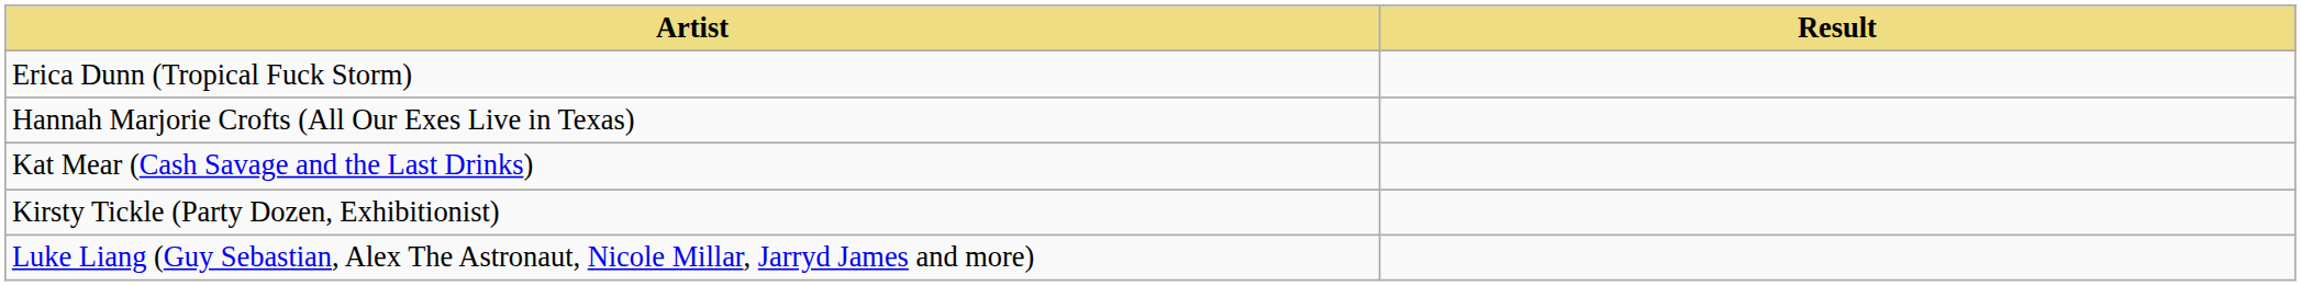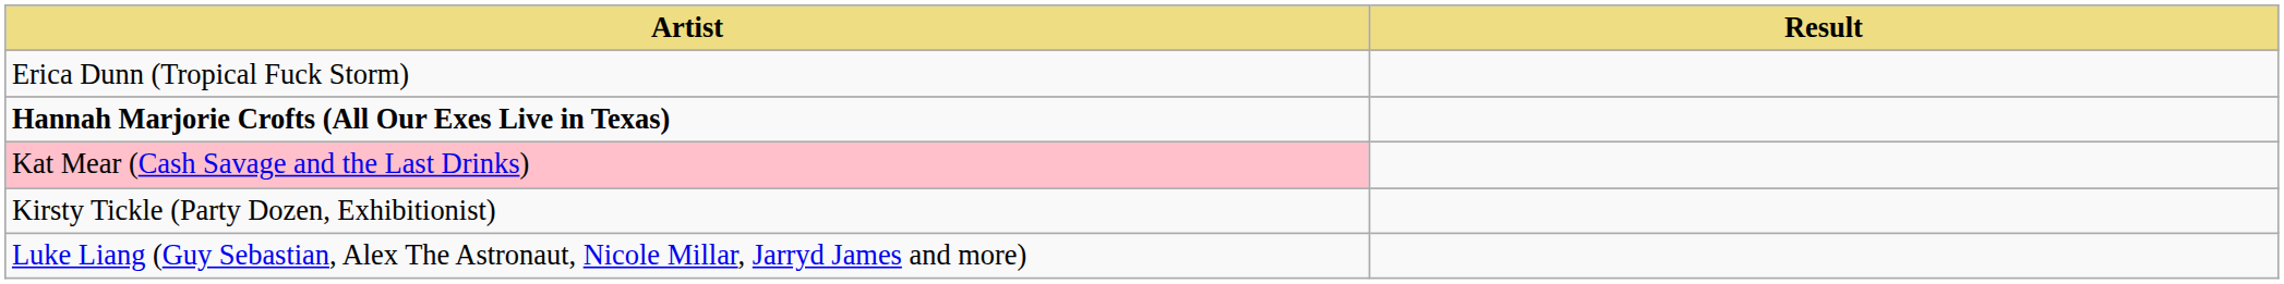 <table class="wikitable" width=100%>
 <tr>
 <th style="width:15%;background:#EEDD82;">Artist</th>
 <th style="width:10%;background:#EEDD82;">Result</th>
 </tr>
 <tr>
 <td>Erica Dunn (Tropical Fuck Storm)</td>
 <td></td>
 </tr>
 <tr>
-<td>Hannah Marjorie Crofts (All Our Exes Live in Texas)</td>
+<td><strong>Hannah Marjorie Crofts (All Our Exes Live in Texas)</strong></td>
 <td></td>
 </tr>
 <tr>
-<td>Kat Mear (<a href='#'>Cash Savage and the Last Drinks</a>)</td>
+<td style="background: pink;">Kat Mear (<a href='#'>Cash Savage and the Last Drinks</a>)</td>
 <td></td>
 </tr>
 <tr>
 <td>Kirsty Tickle (Party Dozen, Exhibitionist)</td>
 <td></td>
 </tr>
 <tr>
 <td><a href='#'>Luke Liang</a> (<a href='#'>Guy Sebastian</a>, Alex The Astronaut, <a href='#'>Nicole Millar</a>, <a href='#'>Jarryd James</a> and more)</td>
 <td></td>
 </tr>
 </table>
